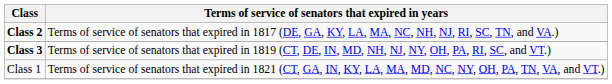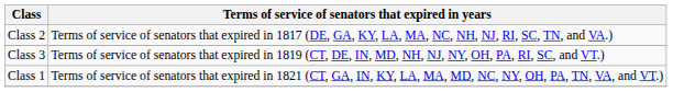 <table class="wikitable sortable">
 <tr valign=bottom>
 <th>Class</th>
 <th>Terms of service of senators that expired in years</th>
 </tr>
 <tr>
-<td><strong>Class 2</strong></td>
+<td>Class 2</td>
 <td>Terms of service of senators that expired in 1817 (<a href='#'>DE</a>, <a href='#'>GA</a>, <a href='#'>KY</a>, <a href='#'>LA</a>, <a href='#'>MA</a>, <a href='#'>NC</a>, <a href='#'>NH</a>, <a href='#'>NJ</a>, <a href='#'>RI</a>, <a href='#'>SC</a>, <a href='#'>TN</a>, and <a href='#'>VA</a>.)</td>
 </tr>
 <tr>
 </tr>
 <tr>
-<td><strong>Class 3</strong></td>
+<td>Class 3</td>
 <td>Terms of service of senators that expired in 1819 (<a href='#'>CT</a>, <a href='#'>DE</a>, <a href='#'>IN</a>, <a href='#'>MD</a>, <a href='#'>NH</a>, <a href='#'>NJ</a>, <a href='#'>NY</a>, <a href='#'>OH</a>, <a href='#'>PA</a>, <a href='#'>RI</a>, <a href='#'>SC</a>, and <a href='#'>VT</a>.)</td>
 </tr>
 <tr>
 <td>Class 1</td>
 <td>Terms of service of senators that expired in 1821 (<a href='#'>CT</a>, <a href='#'>GA</a>, <a href='#'>IN</a>, <a href='#'>KY</a>, <a href='#'>LA</a>, <a href='#'>MA</a>, <a href='#'>MD</a>, <a href='#'>NC</a>, <a href='#'>NY</a>, <a href='#'>OH</a>, <a href='#'>PA</a>, <a href='#'>TN</a>, <a href='#'>VA</a>, and <a href='#'>VT</a>.)</td>
 </tr>
 <tr>
 </tr>
 </table>
